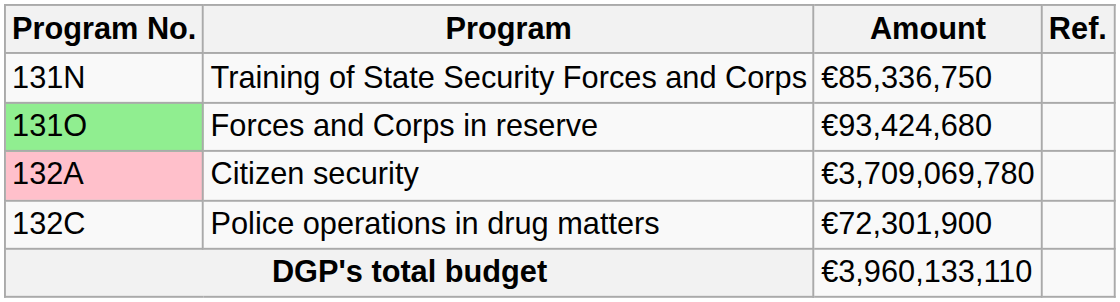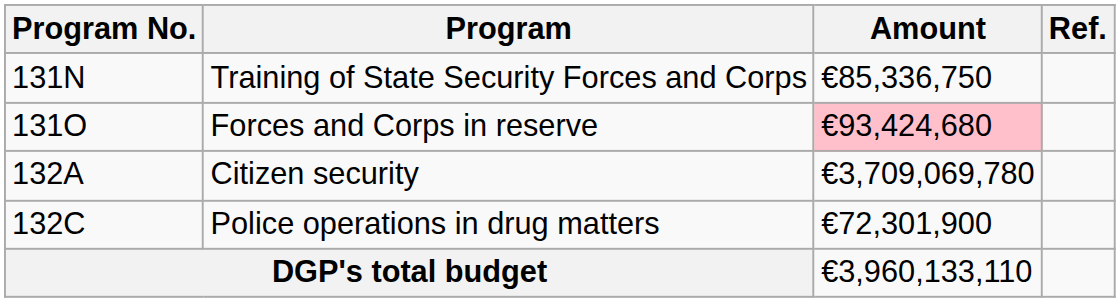 <table class="wikitable">
 <tr>
 <th>Program No.</th>
 <th>Program</th>
 <th>Amount</th>
 <th>Ref.</th>
 </tr>
 <tr>
 <td>131N</td>
 <td>Training of State Security Forces and Corps</td>
 <td>€85,336,750</td>
 <td></td>
 </tr>
 <tr>
-<td style="background: lightgreen;">131O</td>
+<td>131O</td>
 <td>Forces and Corps in reserve</td>
-<td>€93,424,680</td>
+<td style="background: pink;">€93,424,680</td>
 <td></td>
 </tr>
 <tr>
-<td style="background: pink;">132A</td>
+<td>132A</td>
 <td>Citizen security</td>
 <td>€3,709,069,780</td>
 <td></td>
 </tr>
 <tr>
 <td>132C</td>
 <td>Police operations in drug matters</td>
 <td>€72,301,900</td>
 <td></td>
 </tr>
 <tr>
 <th colspan="2">DGP's total budget</th>
 <td>€3,960,133,110</td>
 </tr>
 </table>
